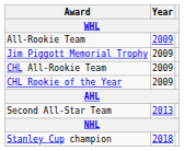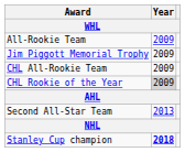 <table class="wikitable">
 <tr>
 <th>Award</th>
 <th>Year</th>
 <th></th>
 </tr>
 <tr>
 <th colspan="3"><a href='#'>WHL</a></th>
 </tr>
 <tr>
 <td>All-Rookie Team</td>
 <td><a href='#'>2009</a></td>
 <td></td>
 </tr>
 <tr>
 <td><a href='#'>Jim Piggott Memorial Trophy</a></td>
 <td>2009</td>
 <td></td>
 </tr>
 <tr>
 <td><a href='#'>CHL</a> All-Rookie Team</td>
 <td>2009</td>
 <td></td>
 </tr>
 <tr>
 <td><a href='#'>CHL Rookie of the Year</a></td>
-<td>2009</td>
+<td style="background: lightgrey;">2009</td>
 <td></td>
 </tr>
 <tr>
 <th colspan="3"><a href='#'>AHL</a></th>
 </tr>
 <tr>
 <td>Second All-Star Team</td>
 <td><a href='#'>2013</a></td>
 <td></td>
 </tr>
 <tr>
 <th colspan="3"><a href='#'>NHL</a></th>
 </tr>
 <tr>
 <td><a href='#'>Stanley Cup</a> champion</td>
-<td><a href='#'>2018</a></td>
+<td><strong><a href='#'>2018</a></strong></td>
 <td></td>
 </tr>
 </table>
